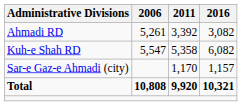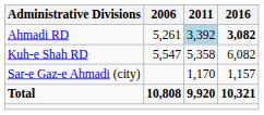 <table class="wikitable">
 <tr>
 <th>Administrative Divisions</th>
 <th>2006</th>
 <th>2011</th>
 <th>2016</th>
 </tr>
 <tr>
 <td><a href='#'>Ahmadi RD</a></td>
 <td style="text-align: right;">5,261</td>
-<td style="text-align: right;">3,392</td>
-<td style="text-align: right;">3,082</td>
+<td style="background: lightblue; text-align: right;">3,392</td>
+<td style="text-align: right;"><strong>3,082</strong></td>
 </tr>
 <tr>
 <td><a href='#'>Kuh-e Shah RD</a></td>
 <td style="text-align: right;">5,547</td>
 <td style="text-align: right;">5,358</td>
 <td style="text-align: right;">6,082</td>
 </tr>
 <tr>
 <td><a href='#'>Sar-e Gaz-e Ahmadi</a> (city)</td>
 <td style="text-align: right;"></td>
 <td style="text-align: right;">1,170</td>
 <td style="text-align: right;">1,157</td>
 </tr>
 <tr>
 <td><strong>Total</strong></td>
 <td style="text-align: right;"><strong>10,808</strong></td>
 <td style="text-align: right;"><strong>9,920</strong></td>
 <td style="text-align: right;"><strong>10,321</strong></td>
 </tr>
 <tr>
 <td colspan=4></td>
 </tr>
 </table>
